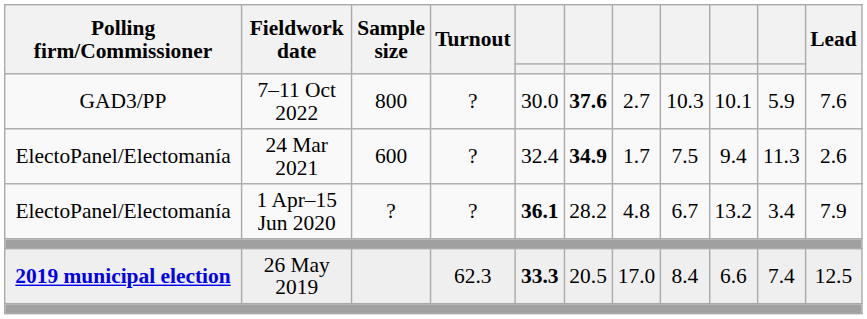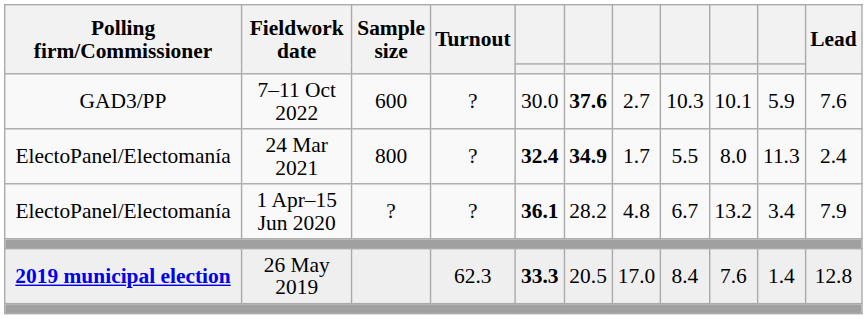 <table class="wikitable collapsible collapsed" style="text-align:center; font-size:95%; line-height:16px;">
 <tr style="height:42px;">
 <th style="width:250px;" rowspan="2">Polling firm/Commissioner</th>
 <th style="width:125px;" rowspan="2">Fieldwork date</th>
 <th style="width:50px;" rowspan="2">Sample size</th>
 <th style="width:45px;" rowspan="2">Turnout</th>
 <th style="width:35px;"></th>
 <th style="width:35px;"></th>
 <th style="width:35px;"></th>
 <th style="width:35px;"></th>
 <th style="width:35px;"></th>
 <th style="width:35px;"></th>
 <th style="width:30px;" rowspan="2">Lead</th>
 </tr>
 <tr>
 <th style="color:inherit;background:"></th>
 <th style="color:inherit;background:"></th>
 <th style="color:inherit;background:"></th>
 <th style="color:inherit;background:"></th>
 <th style="color:inherit;background:"></th>
 <th style="color:inherit;background:"></th>
 </tr>
 <tr>
 <td>GAD3/PP</td>
 <td>7–11 Oct 2022</td>
-<td>800</td>
+<td>600</td>
 <td>?</td>
 <td>30.0<br></td>
 <td><strong>37.6</strong><br></td>
 <td>2.7<br></td>
 <td>10.3<br></td>
 <td>10.1<br></td>
 <td>5.9<br></td>
 <td style="background:">7.6</td>
 </tr>
 <tr>
 <td>ElectoPanel/Electomanía</td>
 <td>24 Mar 2021</td>
-<td>600</td>
+<td>800</td>
 <td>?</td>
-<td>32.4<br></td>
+<td><strong>32.4<br></strong></td>
 <td><strong>34.9</strong><br></td>
 <td>1.7<br></td>
-<td>7.5<br></td>
-<td>9.4<br></td>
+<td>5.5<br></td>
+<td>8.0<br></td>
 <td>11.3<br></td>
-<td style="background:">2.6</td>
+<td style="background:">2.4</td>
 </tr>
 <tr>
 <td>ElectoPanel/Electomanía</td>
 <td>1 Apr–15 Jun 2020</td>
 <td>?</td>
 <td>?</td>
 <td><strong>36.1</strong><br></td>
 <td>28.2<br></td>
 <td>4.8<br></td>
 <td>6.7<br></td>
 <td>13.2<br></td>
 <td>3.4<br></td>
 <td style="background:">7.9</td>
 </tr>
 <tr>
 <td colspan="11" style="background:#A0A0A0"></td>
 </tr>
 <tr style="background:#EFEFEF;">
 <td><strong><a href='#'>2019 municipal election</a></strong></td>
 <td>26 May 2019</td>
 <td></td>
 <td>62.3</td>
 <td><strong>33.3</strong><br></td>
 <td>20.5<br></td>
 <td>17.0<br></td>
 <td>8.4<br></td>
-<td>6.6<br></td>
-<td>7.4<br></td>
-<td style="background:">12.5</td>
+<td>7.6<br></td>
+<td>1.4<br></td>
+<td style="background:">12.8</td>
 </tr>
 <tr>
 <td colspan="11" style="background:#A0A0A0"></td>
 </tr>
 </table>
